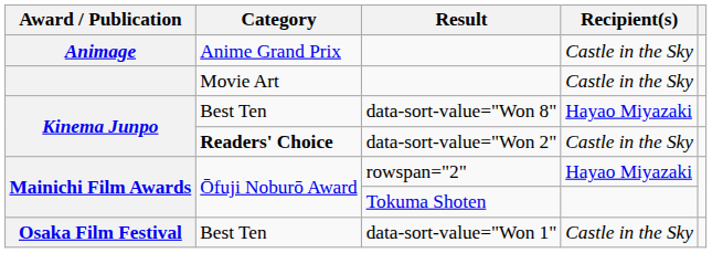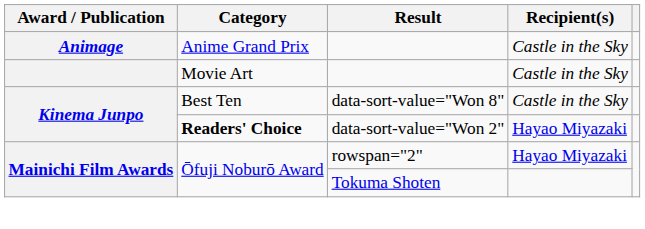 <table class="wikitable sortable plainrowheaders">
 <tr>
 <th scope="col">Award / Publication</th>
 <th scope="col">Category</th>
 <th scope="col">Result</th>
 <th scope="col">Recipient(s)</th>
 <th scope="col" class="unsortable"></th>
 </tr>
 <tr>
 <th scope="row"><em><a href='#'>Animage</a></em></th>
 <td><a href='#'>Anime Grand Prix</a></td>
 <td></td>
 <td><em>Castle in the Sky</em></td>
 <td align="center"></td>
 </tr>
 <tr>
 <th scope="row"><em></em></th>
 <td>Movie Art</td>
 <td></td>
 <td><em>Castle in the Sky</em></td>
 <td align="center"></td>
 </tr>
 <tr>
 <th scope="rowgroup" rowspan="2"><em><a href='#'>Kinema Junpo</a></em></th>
 <td>Best Ten</td>
 <td>data-sort-value="Won 8" </td>
-<td data-sort-value="Miyazaki, Hayao"><a href='#'>Hayao Miyazaki</a></td>
+<td><em>Castle in the Sky</em></td>
 <td align="center"></td>
 </tr>
 <tr>
 <td><strong>Readers' Choice</strong></td>
 <td>data-sort-value="Won 2" </td>
-<td><em>Castle in the Sky</em></td>
+<td data-sort-value="Miyazaki, Hayao"><a href='#'>Hayao Miyazaki</a></td>
 <td align="center"></td>
 </tr>
 <tr>
 <th scope="rowgroup" rowspan="2"><a href='#'>Mainichi Film Awards</a></th>
 <td rowspan="2"><a href='#'>Ōfuji Noburō Award</a></td>
 <td>rowspan="2" </td>
 <td data-sort-value="Miyazaki, Hayao"><a href='#'>Hayao Miyazaki</a></td>
 <td align="center" rowspan="2"></td>
 </tr>
 <tr>
 <td><a href='#'>Tokuma Shoten</a></td>
 </tr>
-<tr>
-<th scope="row"><a href='#'>Osaka Film Festival</a></th>
-<td>Best Ten</td>
-<td>data-sort-value="Won 1" </td>
-<td><em>Castle in the Sky</em></td>
-<td align="center"></td>
-</tr>
 </table>
